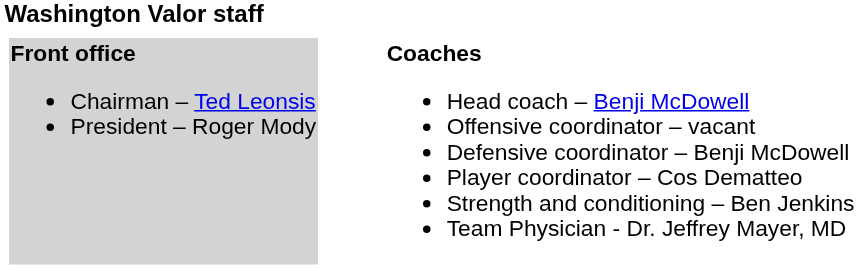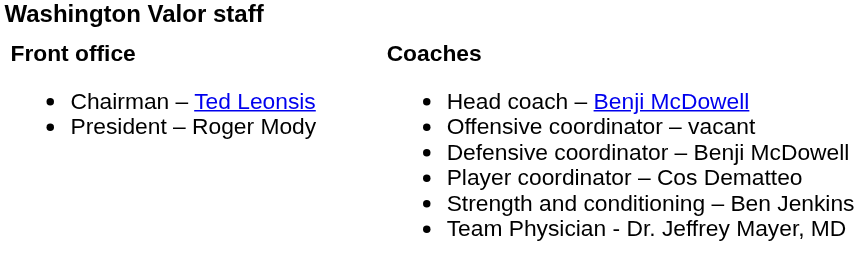 <table class="toccolours" style="text-align: left;">
 <tr>
 <th colspan=7>Washington Valor staff</th>
 </tr>
 <tr>
 <td colspan=7 align="right"></td>
 </tr>
 <tr>
 <td valign="top"></td>
-<td style="background: lightgrey; font-size: 95%;" valign="top"><strong>Front office</strong><br><ul><li>Chairman – 	<a href='#'>Ted Leonsis</a></li><li>President – Roger Mody</li></ul></td>
+<td style="font-size: 95%;" valign="top"><strong>Front office</strong><br><ul><li>Chairman – 	<a href='#'>Ted Leonsis</a></li><li>President – Roger Mody</li></ul></td>
 <td width="35"> </td>
 <td valign="top"></td>
 <td style="font-size: 95%;" valign="top"><strong>Coaches</strong><br><ul><li>Head coach – <a href='#'>Benji McDowell</a></li><li>Offensive coordinator – vacant</li><li>Defensive coordinator – Benji McDowell</li><li>Player coordinator – Cos Dematteo</li><li>Strength and conditioning – Ben Jenkins</li><li>Team Physician - Dr. Jeffrey Mayer, MD</li></ul></td>
 </tr>
 </table>
